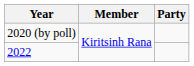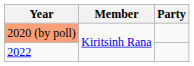 <table class="wikitable sortable">
 <tr>
 <th>Year</th>
 <th>Member</th>
 <th colspan=2>Party</th>
 </tr>
 <tr>
-<td>2020 (by poll)</td>
+<td style="background: lightsalmon;">2020 (by poll)</td>
 <td rowspan="2"><a href='#'>Kiritsinh Rana</a></td>
 <td></td>
 </tr>
 <tr>
 <td><a href='#'>2022</a></td>
 </tr>
 </table>
